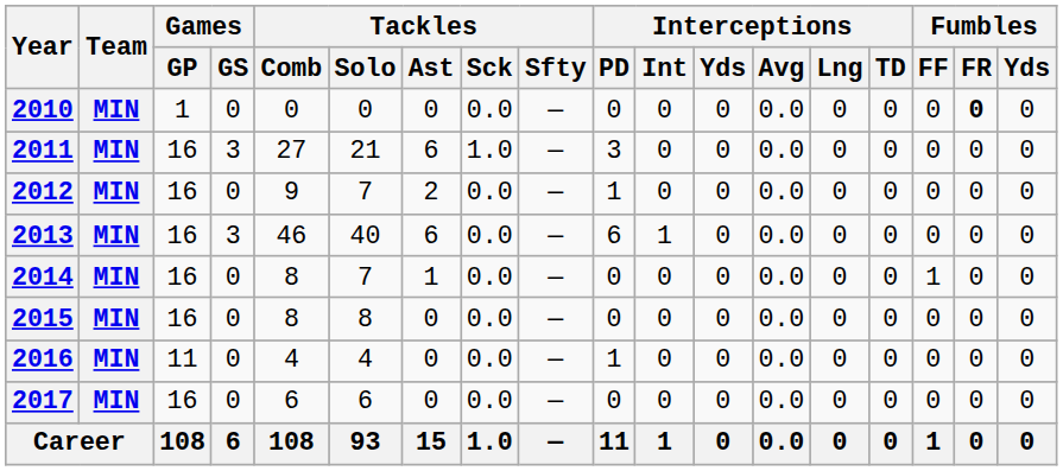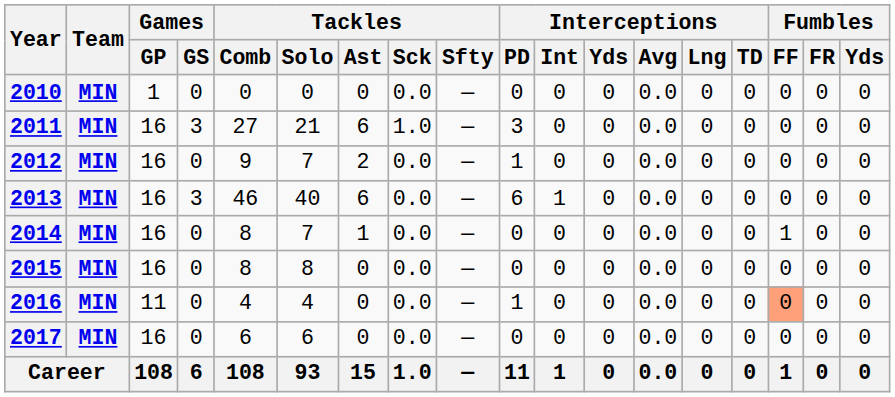 <table class="wikitable sortable" style="text-align: center;">
 <tr>
 <th rowspan="2">Year</th>
 <th rowspan="2">Team</th>
 <th colspan="2">Games</th>
 <th colspan="5">Tackles</th>
 <th colspan="6">Interceptions</th>
 <th colspan="3">Fumbles</th>
 </tr>
 <tr>
 <th>GP</th>
 <th>GS</th>
 <th>Comb</th>
 <th>Solo</th>
 <th>Ast</th>
 <th>Sck</th>
 <th>Sfty</th>
 <th>PD</th>
 <th>Int</th>
 <th>Yds</th>
 <th>Avg</th>
 <th>Lng</th>
 <th>TD</th>
 <th>FF</th>
 <th>FR</th>
 <th>Yds</th>
 </tr>
 <tr>
 <th><a href='#'>2010</a></th>
 <th><a href='#'>MIN</a></th>
 <td>1</td>
 <td>0</td>
 <td>0</td>
 <td>0</td>
 <td>0</td>
 <td>0.0</td>
 <td>—</td>
 <td>0</td>
 <td>0</td>
 <td>0</td>
 <td>0.0</td>
 <td>0</td>
 <td>0</td>
 <td>0</td>
-<td><strong>0</strong></td>
+<td>0</td>
 <td>0</td>
 </tr>
 <tr>
 <th><a href='#'>2011</a></th>
 <th><a href='#'>MIN</a></th>
 <td>16</td>
 <td>3</td>
 <td>27</td>
 <td>21</td>
 <td>6</td>
 <td>1.0</td>
 <td>—</td>
 <td>3</td>
 <td>0</td>
 <td>0</td>
 <td>0.0</td>
 <td>0</td>
 <td>0</td>
 <td>0</td>
 <td>0</td>
 <td>0</td>
 </tr>
 <tr>
 <th><a href='#'>2012</a></th>
 <th><a href='#'>MIN</a></th>
 <td>16</td>
 <td>0</td>
 <td>9</td>
 <td>7</td>
 <td>2</td>
 <td>0.0</td>
 <td>—</td>
 <td>1</td>
 <td>0</td>
 <td>0</td>
 <td>0.0</td>
 <td>0</td>
 <td>0</td>
 <td>0</td>
 <td>0</td>
 <td>0</td>
 </tr>
 <tr>
 <th><a href='#'>2013</a></th>
 <th><a href='#'>MIN</a></th>
 <td>16</td>
 <td>3</td>
 <td>46</td>
 <td>40</td>
 <td>6</td>
 <td>0.0</td>
 <td>—</td>
 <td>6</td>
 <td>1</td>
 <td>0</td>
 <td>0.0</td>
 <td>0</td>
 <td>0</td>
 <td>0</td>
 <td>0</td>
 <td>0</td>
 </tr>
 <tr>
 <th><a href='#'>2014</a></th>
 <th><a href='#'>MIN</a></th>
 <td>16</td>
 <td>0</td>
 <td>8</td>
 <td>7</td>
 <td>1</td>
 <td>0.0</td>
 <td>—</td>
 <td>0</td>
 <td>0</td>
 <td>0</td>
 <td>0.0</td>
 <td>0</td>
 <td>0</td>
 <td>1</td>
 <td>0</td>
 <td>0</td>
 </tr>
 <tr>
 <th><a href='#'>2015</a></th>
 <th><a href='#'>MIN</a></th>
 <td>16</td>
 <td>0</td>
 <td>8</td>
 <td>8</td>
 <td>0</td>
 <td>0.0</td>
 <td>—</td>
 <td>0</td>
 <td>0</td>
 <td>0</td>
 <td>0.0</td>
 <td>0</td>
 <td>0</td>
 <td>0</td>
 <td>0</td>
 <td>0</td>
 </tr>
 <tr>
 <th><a href='#'>2016</a></th>
 <th><a href='#'>MIN</a></th>
 <td>11</td>
 <td>0</td>
 <td>4</td>
 <td>4</td>
 <td>0</td>
 <td>0.0</td>
 <td>—</td>
 <td>1</td>
 <td>0</td>
 <td>0</td>
 <td>0.0</td>
 <td>0</td>
 <td>0</td>
-<td>0</td>
+<td style="background: lightsalmon;">0</td>
 <td>0</td>
 <td>0</td>
 </tr>
 <tr>
 <th><a href='#'>2017</a></th>
 <th><a href='#'>MIN</a></th>
 <td>16</td>
 <td>0</td>
 <td>6</td>
 <td>6</td>
 <td>0</td>
 <td>0.0</td>
 <td>—</td>
 <td>0</td>
 <td>0</td>
 <td>0</td>
 <td>0.0</td>
 <td>0</td>
 <td>0</td>
 <td>0</td>
 <td>0</td>
 <td>0</td>
 </tr>
 <tr>
 <th colspan="2">Career</th>
 <th>108</th>
 <th>6</th>
 <th>108</th>
 <th>93</th>
 <th>15</th>
 <th>1.0</th>
 <th>—</th>
 <th>11</th>
 <th>1</th>
 <th>0</th>
 <th>0.0</th>
 <th>0</th>
 <th>0</th>
 <th>1</th>
 <th>0</th>
 <th>0</th>
 </tr>
 </table>
